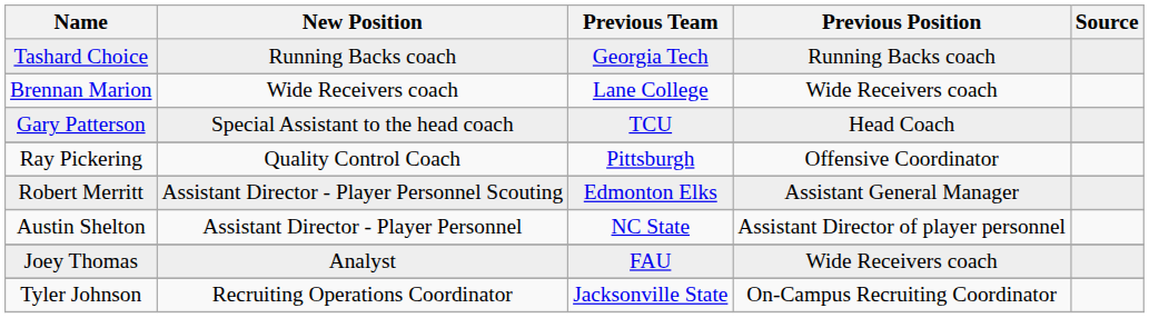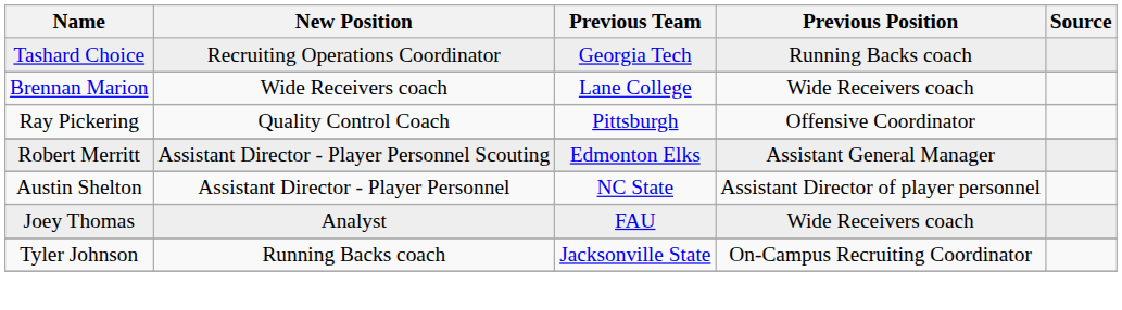 <table class="wikitable">
 <tr>
 <th style="text-align:center; ">Name</th>
 <th style="text-align:center; ">New Position</th>
 <th style="text-align:center; ">Previous Team</th>
 <th style="text-align:center; ">Previous Position</th>
 <th style="text-align:center; ">Source</th>
 </tr>
 <tr align="center"style="background:#eeeeee;">
 <td><a href='#'>Tashard Choice</a></td>
-<td>Running Backs coach</td>
+<td>Recruiting Operations Coordinator</td>
 <td><a href='#'>Georgia Tech</a></td>
 <td>Running Backs coach</td>
 <td></td>
 </tr>
 <tr>
 </tr>
 <tr align="center">
 <td><a href='#'>Brennan Marion</a></td>
 <td>Wide Receivers coach</td>
 <td><a href='#'>Lane College</a></td>
 <td>Wide Receivers coach</td>
 <td></td>
 </tr>
 <tr>
-</tr>
-<tr align="center"style="background:#eeeeee;">
-<td><a href='#'>Gary Patterson</a></td>
-<td>Special Assistant to the head coach</td>
-<td><a href='#'>TCU</a></td>
-<td>Head Coach</td>
-<td></td>
 </tr>
 <tr>
 </tr>
 <tr align="center">
 <td>Ray Pickering</td>
 <td>Quality Control Coach</td>
 <td><a href='#'>Pittsburgh</a></td>
 <td>Offensive Coordinator</td>
 <td></td>
 </tr>
 <tr>
 </tr>
 <tr align="center"style="background:#eeeeee;">
 <td>Robert Merritt</td>
 <td>Assistant Director - Player Personnel Scouting</td>
 <td><a href='#'>Edmonton Elks</a></td>
 <td>Assistant General Manager</td>
 <td></td>
 </tr>
 <tr>
 </tr>
 <tr align="center">
 <td>Austin Shelton</td>
 <td>Assistant Director - Player Personnel</td>
 <td><a href='#'>NC State</a></td>
 <td>Assistant Director of player personnel</td>
 <td></td>
 </tr>
 <tr>
 </tr>
 <tr align="center"style="background:#eeeeee;">
 <td>Joey Thomas</td>
 <td>Analyst</td>
 <td><a href='#'>FAU</a></td>
 <td>Wide Receivers coach</td>
 <td></td>
 </tr>
 <tr>
 </tr>
 <tr align="center">
 <td>Tyler Johnson</td>
-<td>Recruiting Operations Coordinator</td>
+<td>Running Backs coach</td>
 <td><a href='#'>Jacksonville State</a></td>
 <td>On-Campus Recruiting Coordinator</td>
 <td></td>
 </tr>
 <tr>
 </tr>
 </table>
